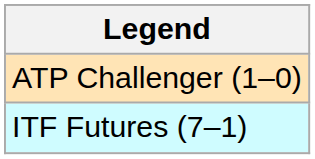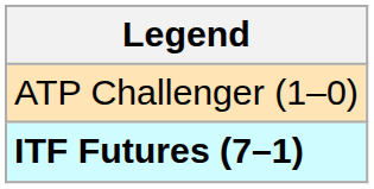 <table class=wikitable style=font-size:97%>
 <tr>
 <th>Legend</th>
 </tr>
 <tr bgcolor=moccasin>
 <td>ATP Challenger (1–0)</td>
 </tr>
 <tr bgcolor=cffcff>
-<td>ITF Futures (7–1)</td>
+<td><strong>ITF Futures (7–1)</strong></td>
 </tr>
 </table>
